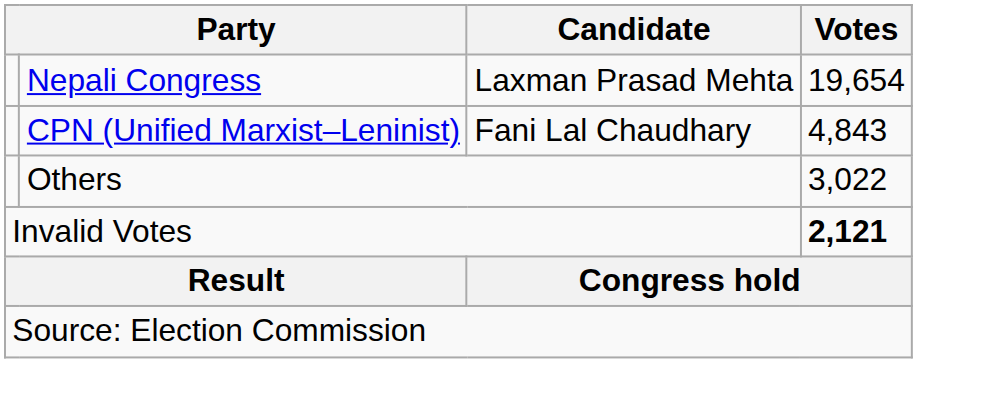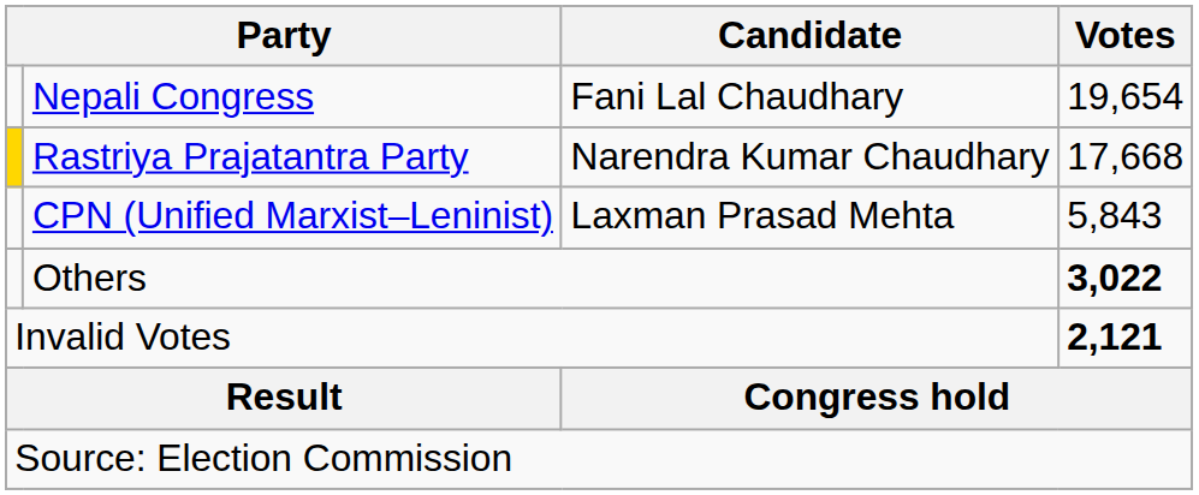 <table class="wikitable">
 <tr>
 <th colspan="2">Party</th>
 <th>Candidate</th>
 <th>Votes</th>
 </tr>
 <tr>
 <td style="background-color:"></td>
 <td><a href='#'>Nepali Congress</a></td>
-<td>Laxman Prasad Mehta</td>
+<td>Fani Lal Chaudhary</td>
 <td>19,654</td>
+</tr>
+<tr>
+<td style="background-color:gold"></td>
+<td><a href='#'>Rastriya Prajatantra Party</a></td>
+<td>Narendra Kumar Chaudhary</td>
+<td>17,668</td>
 </tr>
 <tr>
 <td style="background-color:"></td>
 <td><a href='#'>CPN (Unified Marxist–Leninist)</a></td>
-<td>Fani Lal Chaudhary</td>
-<td>4,843</td>
+<td>Laxman Prasad Mehta</td>
+<td>5,843</td>
 </tr>
 <tr>
 <td></td>
 <td colspan="2">Others</td>
-<td>3,022</td>
+<td><strong>3,022</strong></td>
 </tr>
 <tr>
 <td colspan="3">Invalid Votes</td>
 <td><strong>2,121</strong></td>
 </tr>
 <tr>
 <th colspan="2">Result</th>
 <th colspan="2">Congress hold</th>
 </tr>
 <tr>
 <td colspan="4">Source: Election Commission</td>
 </tr>
 </table>
